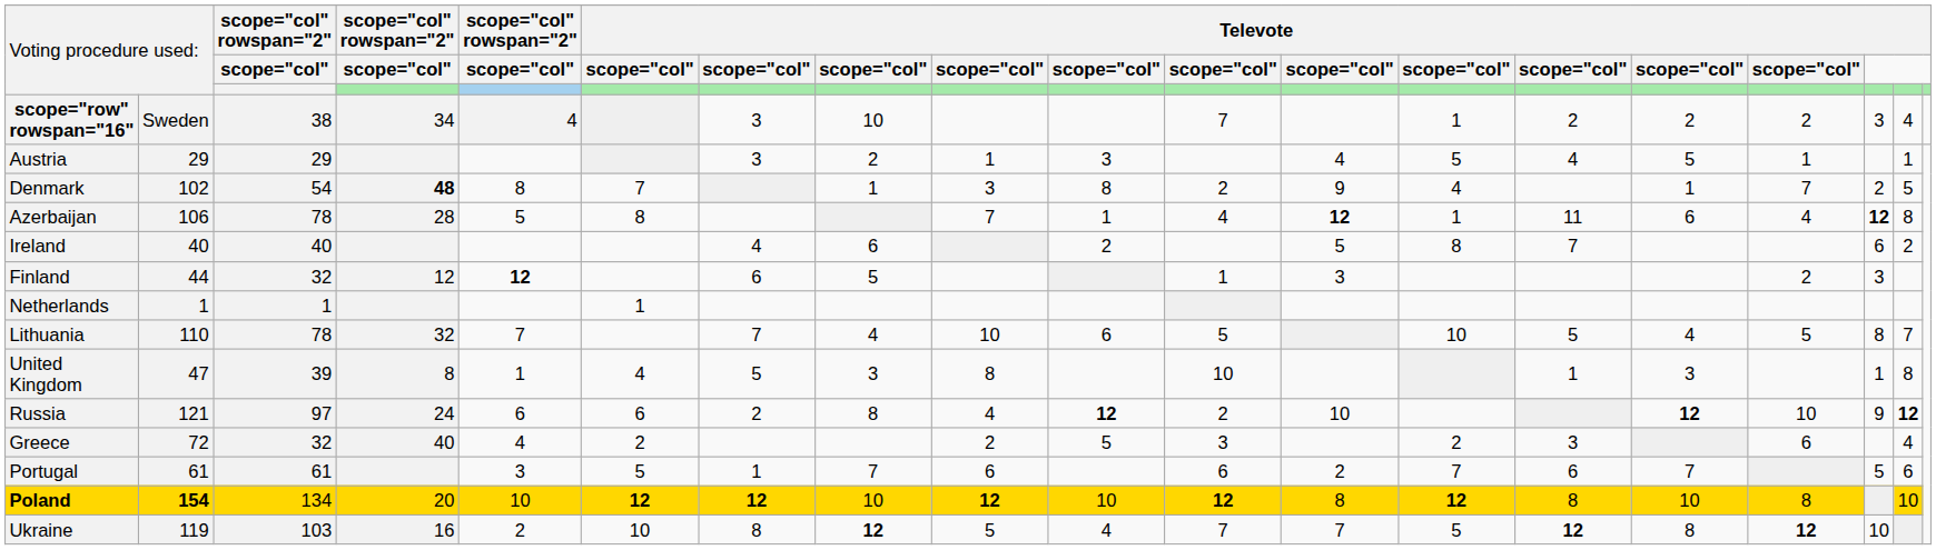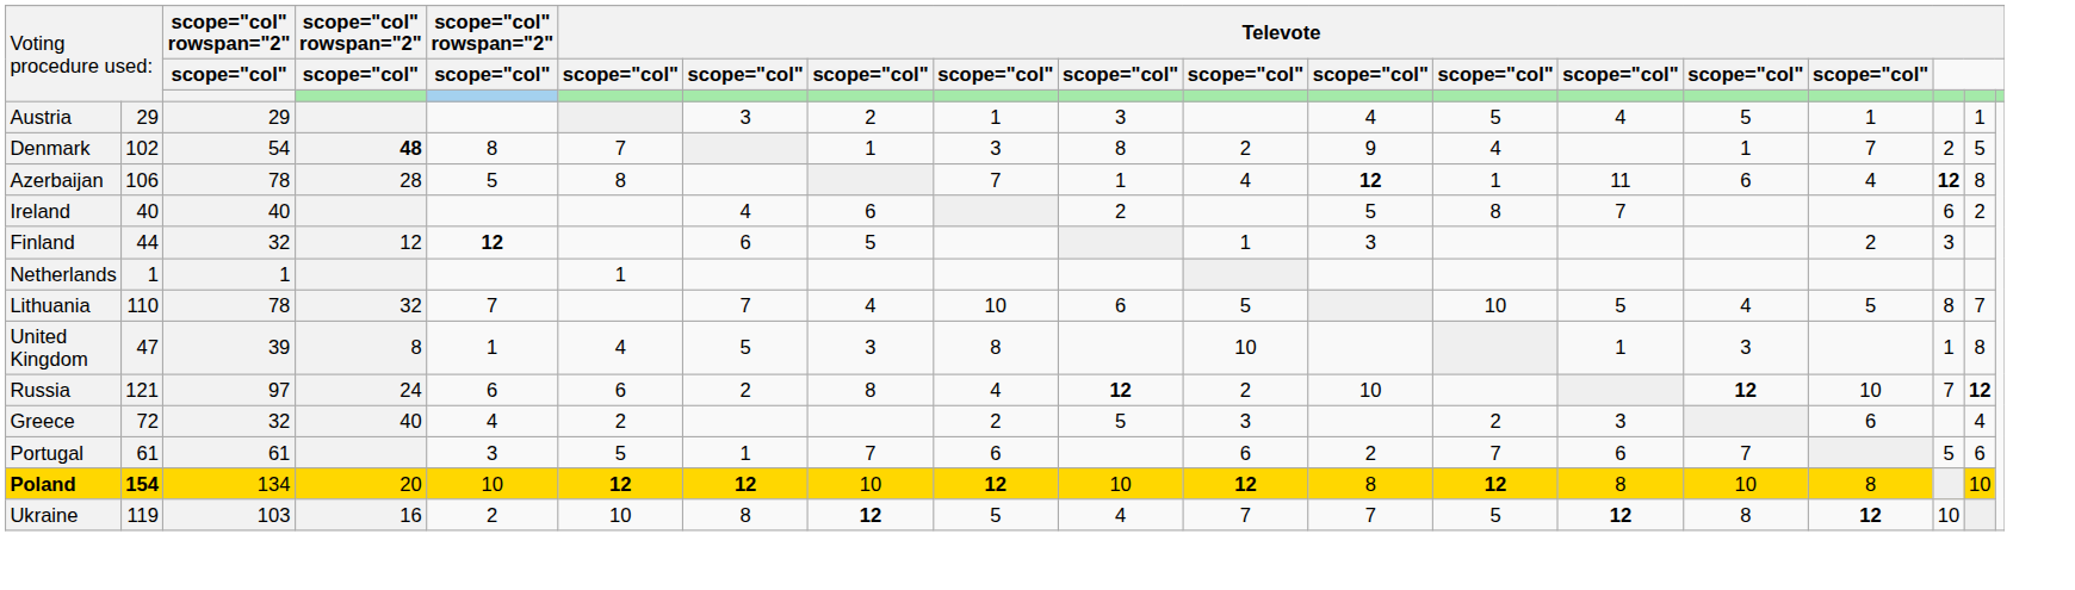 <table class="wikitable" style="text-align:center; font-size:95%;">
 <tr>
 </tr>
 <tr>
 <td colspan="2" rowspan="3" style="text-align:left; background:#F2F2F2">Voting procedure used:<br></td>
 <th>scope="col" rowspan="2" </th>
 <th>scope="col" rowspan="2" </th>
 <th>scope="col" rowspan="2" </th>
 <th scope="col" colspan="14">Televote</th>
 </tr>
 <tr>
 <th>scope="col" </th>
 <th>scope="col" </th>
 <th>scope="col" </th>
 <th>scope="col" </th>
 <th>scope="col" </th>
 <th>scope="col" </th>
 <th>scope="col" </th>
 <th>scope="col" </th>
 <th>scope="col" </th>
 <th>scope="col" </th>
 <th>scope="col" </th>
 <th>scope="col" </th>
 <th>scope="col" </th>
 <th>scope="col" </th>
 </tr>
 <tr>
 <th style="height:2px; border-top:1px solid transparent;"></th>
 <th style="background:#A4EAA9;"></th>
 <th style="background:#A4D1EF;"></th>
 <th style="background:#A4EAA9;"></th>
 <th style="background:#A4EAA9;"></th>
 <th style="background:#A4EAA9;"></th>
 <th style="background:#A4EAA9;"></th>
 <th style="background:#A4EAA9;"></th>
 <th style="background:#A4EAA9;"></th>
 <th style="background:#A4EAA9;"></th>
 <th style="background:#A4EAA9;"></th>
 <th style="background:#A4EAA9;"></th>
 <th style="background:#A4EAA9;"></th>
 <th style="background:#A4EAA9;"></th>
 <th style="background:#A4EAA9;"></th>
 <th style="background:#A4EAA9;"></th>
 <th style="background:#A4EAA9;"></th>
-</tr>
-<tr>
-<th>scope="row" rowspan="16" </th>
-<td style="text-align:left; background:#f2f2f2;">Sweden</td>
-<td style="text-align:right; background:#f2f2f2;">38</td>
-<td style="text-align:right; background:#f2f2f2;">34</td>
-<td style="text-align:right; background:#f2f2f2;">4</td>
-<td style="text-align:left; background:#efefef;"></td>
-<td>3</td>
-<td>10</td>
-<td></td>
-<td></td>
-<td>7</td>
-<td></td>
-<td>1</td>
-<td>2</td>
-<td>2</td>
-<td>2</td>
-<td>3</td>
-<td>4</td>
-<td></td>
 </tr>
 <tr>
 <td style="text-align:left; background:#f2f2f2;">Austria</td>
 <td style="text-align:right; background:#f2f2f2;">29</td>
 <td style="text-align:right; background:#f2f2f2;">29</td>
 <td style="text-align:right; background:#f2f2f2;"></td>
 <td></td>
 <td style="text-align:left; background:#efefef;"></td>
 <td>3</td>
 <td>2</td>
 <td>1</td>
 <td>3</td>
 <td></td>
 <td>4</td>
 <td>5</td>
 <td>4</td>
 <td>5</td>
 <td>1</td>
 <td></td>
 <td>1</td>
 </tr>
 <tr>
 <td style="text-align:left; background:#f2f2f2;">Denmark</td>
 <td style="text-align:right; background:#f2f2f2;">102</td>
 <td style="text-align:right; background:#f2f2f2;">54</td>
 <td style="text-align:right; background:#f2f2f2;"><strong>48</strong></td>
 <td>8</td>
 <td>7</td>
 <td style="text-align:left; background:#efefef;"></td>
 <td>1</td>
 <td>3</td>
 <td>8</td>
 <td>2</td>
 <td>9</td>
 <td>4</td>
 <td></td>
 <td>1</td>
 <td>7</td>
 <td>2</td>
 <td>5</td>
 </tr>
 <tr>
 <td style="text-align:left; background:#f2f2f2;">Azerbaijan</td>
 <td style="text-align:right; background:#f2f2f2;">106</td>
 <td style="text-align:right; background:#f2f2f2;">78</td>
 <td style="text-align:right; background:#f2f2f2;">28</td>
 <td>5</td>
 <td>8</td>
 <td></td>
 <td style="text-align:left; background:#efefef;"></td>
 <td>7</td>
 <td>1</td>
 <td>4</td>
 <td><strong>12</strong></td>
 <td>1</td>
 <td>11</td>
 <td>6</td>
 <td>4</td>
 <td><strong>12</strong></td>
 <td>8</td>
 </tr>
 <tr>
 <td style="text-align:left; background:#f2f2f2;">Ireland</td>
 <td style="text-align:right; background:#f2f2f2;">40</td>
 <td style="text-align:right; background:#f2f2f2;">40</td>
 <td style="text-align:right; background:#f2f2f2;"></td>
 <td></td>
 <td></td>
 <td>4</td>
 <td>6</td>
 <td style="text-align:left; background:#efefef;"></td>
 <td>2</td>
 <td></td>
 <td>5</td>
 <td>8</td>
 <td>7</td>
 <td></td>
 <td></td>
 <td>6</td>
 <td>2</td>
 </tr>
 <tr>
 <td style="text-align:left; background:#f2f2f2;">Finland</td>
 <td style="text-align:right; background:#f2f2f2;">44</td>
 <td style="text-align:right; background:#f2f2f2;">32</td>
 <td style="text-align:right; background:#f2f2f2;">12</td>
 <td><strong>12</strong></td>
 <td></td>
 <td>6</td>
 <td>5</td>
 <td></td>
 <td style="text-align:left; background:#efefef;"></td>
 <td>1</td>
 <td>3</td>
 <td></td>
 <td></td>
 <td></td>
 <td>2</td>
 <td>3</td>
 <td></td>
 </tr>
 <tr>
 <td style="text-align:left; background:#f2f2f2;">Netherlands</td>
 <td style="text-align:right; background:#f2f2f2;">1</td>
 <td style="text-align:right; background:#f2f2f2;">1</td>
 <td style="text-align:right; background:#f2f2f2;"></td>
 <td></td>
 <td>1</td>
 <td></td>
 <td></td>
 <td></td>
 <td></td>
 <td style="text-align:left; background:#efefef;"></td>
 <td></td>
 <td></td>
 <td></td>
 <td></td>
 <td></td>
 <td></td>
 <td></td>
 </tr>
 <tr>
 <td style="text-align:left; background:#f2f2f2;">Lithuania</td>
 <td style="text-align:right; background:#f2f2f2;">110</td>
 <td style="text-align:right; background:#f2f2f2;">78</td>
 <td style="text-align:right; background:#f2f2f2;">32</td>
 <td>7</td>
 <td></td>
 <td>7</td>
 <td>4</td>
 <td>10</td>
 <td>6</td>
 <td>5</td>
 <td style="text-align:left; background:#efefef;"></td>
 <td>10</td>
 <td>5</td>
 <td>4</td>
 <td>5</td>
 <td>8</td>
 <td>7</td>
 </tr>
 <tr>
 <td style="text-align:left; background:#f2f2f2;">United Kingdom</td>
 <td style="text-align:right; background:#f2f2f2;">47</td>
 <td style="text-align:right; background:#f2f2f2;">39</td>
 <td style="text-align:right; background:#f2f2f2;">8</td>
 <td>1</td>
 <td>4</td>
 <td>5</td>
 <td>3</td>
 <td>8</td>
 <td></td>
 <td>10</td>
 <td></td>
 <td style="text-align:left; background:#efefef;"></td>
 <td>1</td>
 <td>3</td>
 <td></td>
 <td>1</td>
 <td>8</td>
 </tr>
 <tr>
 <td style="text-align:left; background:#f2f2f2;">Russia</td>
 <td style="text-align:right; background:#f2f2f2;">121</td>
 <td style="text-align:right; background:#f2f2f2;">97</td>
 <td style="text-align:right; background:#f2f2f2;">24</td>
 <td>6</td>
 <td>6</td>
 <td>2</td>
 <td>8</td>
 <td>4</td>
 <td><strong>12</strong></td>
 <td>2</td>
 <td>10</td>
 <td></td>
 <td style="text-align:left; background:#efefef;"></td>
 <td><strong>12</strong></td>
 <td>10</td>
-<td>9</td>
+<td>7</td>
 <td><strong>12</strong></td>
 </tr>
 <tr>
 <td style="text-align:left; background:#f2f2f2;">Greece</td>
 <td style="text-align:right; background:#f2f2f2;">72</td>
 <td style="text-align:right; background:#f2f2f2;">32</td>
 <td style="text-align:right; background:#f2f2f2;">40</td>
 <td>4</td>
 <td>2</td>
 <td></td>
 <td></td>
 <td>2</td>
 <td>5</td>
 <td>3</td>
 <td></td>
 <td>2</td>
 <td>3</td>
 <td style="text-align:left; background:#efefef;"></td>
 <td>6</td>
 <td></td>
 <td>4</td>
 </tr>
 <tr>
 <td style="text-align:left; background:#f2f2f2;">Portugal</td>
 <td style="text-align:right; background:#f2f2f2;">61</td>
 <td style="text-align:right; background:#f2f2f2;">61</td>
 <td style="text-align:right; background:#f2f2f2;"></td>
 <td>3</td>
 <td>5</td>
 <td>1</td>
 <td>7</td>
 <td>6</td>
 <td></td>
 <td>6</td>
 <td>2</td>
 <td>7</td>
 <td>6</td>
 <td>7</td>
 <td style="text-align:left; background:#efefef;"></td>
 <td>5</td>
 <td>6</td>
 </tr>
 <tr style="background:gold;">
 <td style="text-align:left; background:gold; font-weight:bold;">Poland</td>
 <td style="text-align:right; background:gold; font-weight: bold;">154</td>
 <td style="text-align:right; background:gold;">134</td>
 <td style="text-align:right; background:gold;">20</td>
 <td>10</td>
 <td><strong>12</strong></td>
 <td><strong>12</strong></td>
 <td>10</td>
 <td><strong>12</strong></td>
 <td>10</td>
 <td><strong>12</strong></td>
 <td>8</td>
 <td><strong>12</strong></td>
 <td>8</td>
 <td>10</td>
 <td>8</td>
 <td style="text-align:left; background:#efefef;"></td>
 <td>10</td>
 </tr>
 <tr>
 <td style="text-align:left; background:#f2f2f2;">Ukraine</td>
 <td style="text-align:right; background:#f2f2f2;">119</td>
 <td style="text-align:right; background:#f2f2f2;">103</td>
 <td style="text-align:right; background:#f2f2f2;">16</td>
 <td>2</td>
 <td>10</td>
 <td>8</td>
 <td><strong>12</strong></td>
 <td>5</td>
 <td>4</td>
 <td>7</td>
 <td>7</td>
 <td>5</td>
 <td><strong>12</strong></td>
 <td>8</td>
 <td><strong>12</strong></td>
 <td>10</td>
 <td style="text-align:left; background:#efefef;"></td>
 </tr>
 </table>
